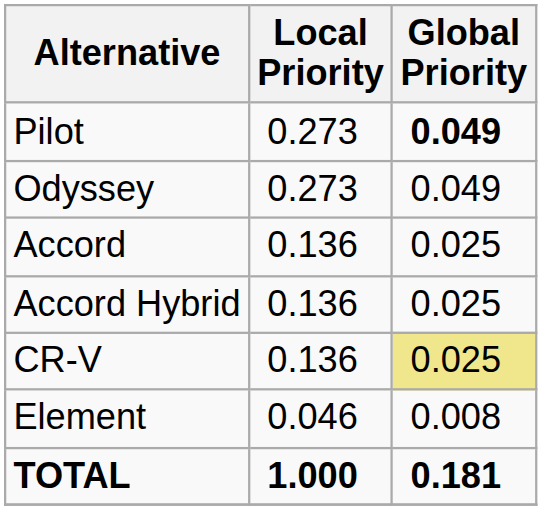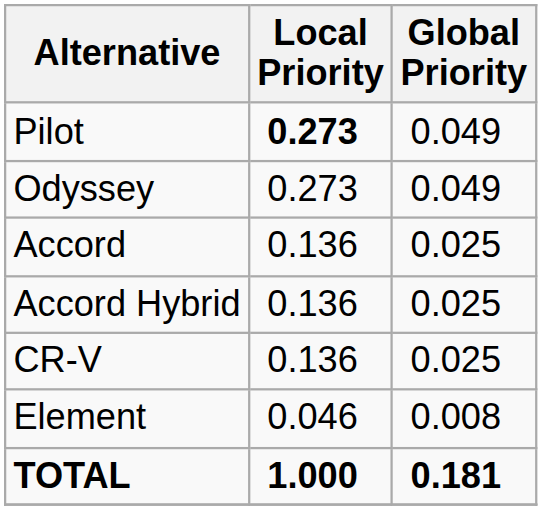 <table class="wikitable" | align="center">
 <tr>
 <th>Alternative</th>
 <th>Local<br>Priority</th>
 <th>Global<br>Priority</th>
 </tr>
 <tr>
 <td>Pilot</td>
-<td> 0.273</td>
-<td><strong> 0.049</strong></td>
+<td><strong> 0.273</strong></td>
+<td> 0.049</td>
 </tr>
 <tr>
 <td>Odyssey</td>
 <td> 0.273</td>
 <td> 0.049</td>
 </tr>
 <tr>
 <td>Accord</td>
 <td> 0.136</td>
 <td> 0.025</td>
 </tr>
 <tr>
 <td>Accord Hybrid</td>
 <td> 0.136</td>
 <td> 0.025</td>
 </tr>
 <tr>
 <td>CR-V</td>
 <td> 0.136</td>
-<td style="background: khaki;"> 0.025</td>
+<td> 0.025</td>
 </tr>
 <tr>
 <td>Element</td>
 <td> 0.046</td>
 <td> 0.008</td>
 </tr>
 <tr>
 <td><strong>TOTAL</strong></td>
 <td><strong> 1.000</strong></td>
 <td><strong> 0.181</strong></td>
 </tr>
 <tr>
 </tr>
 </table>
